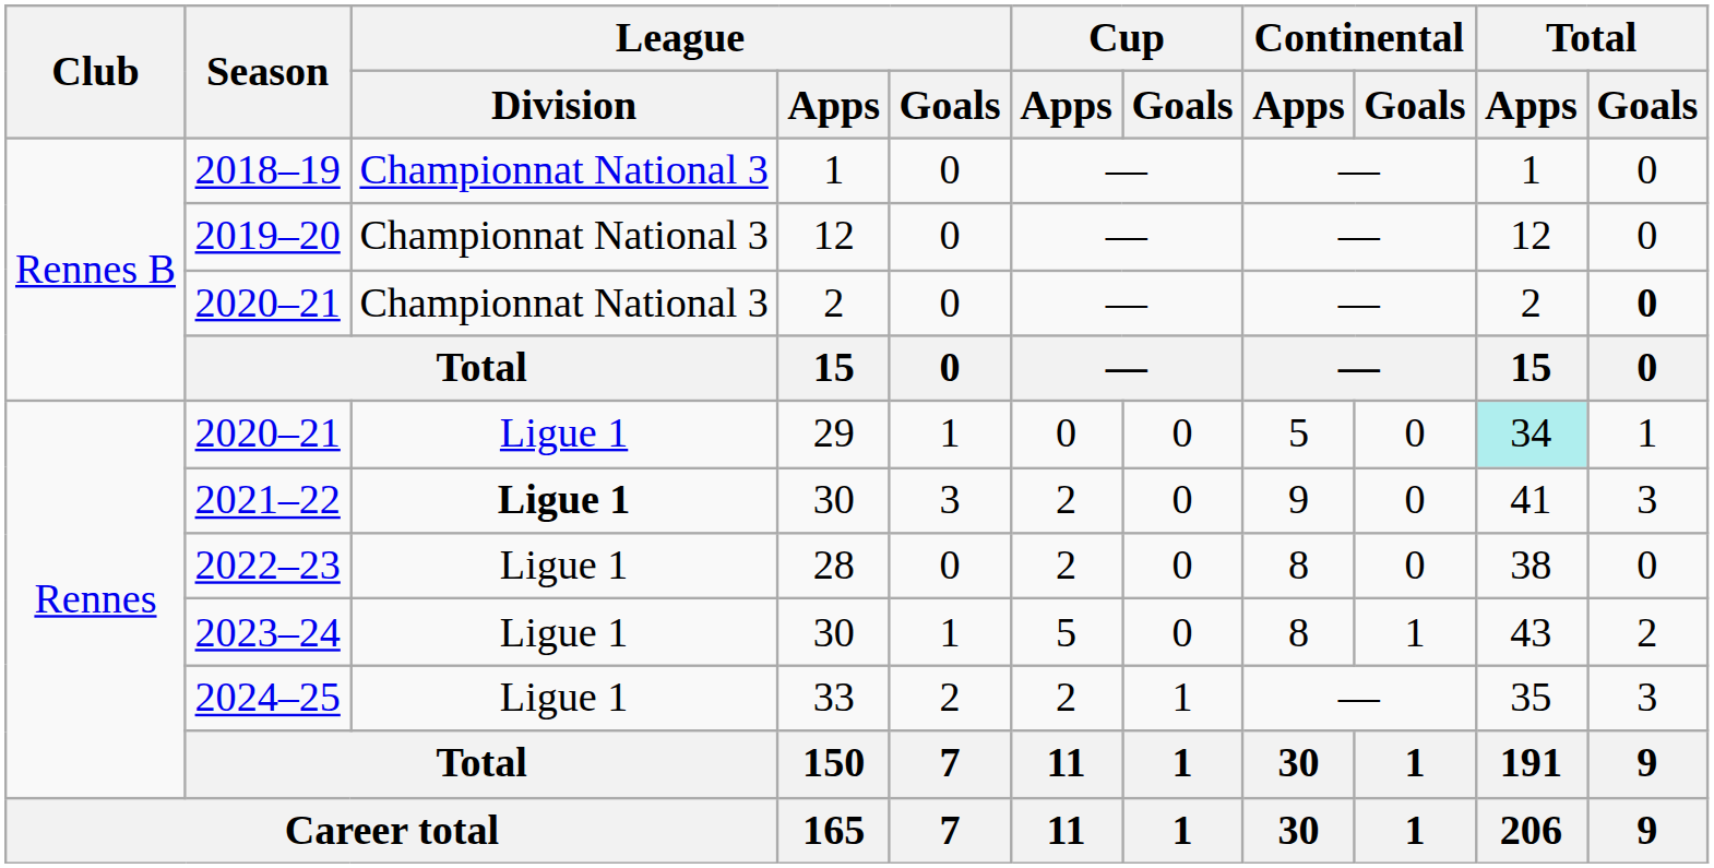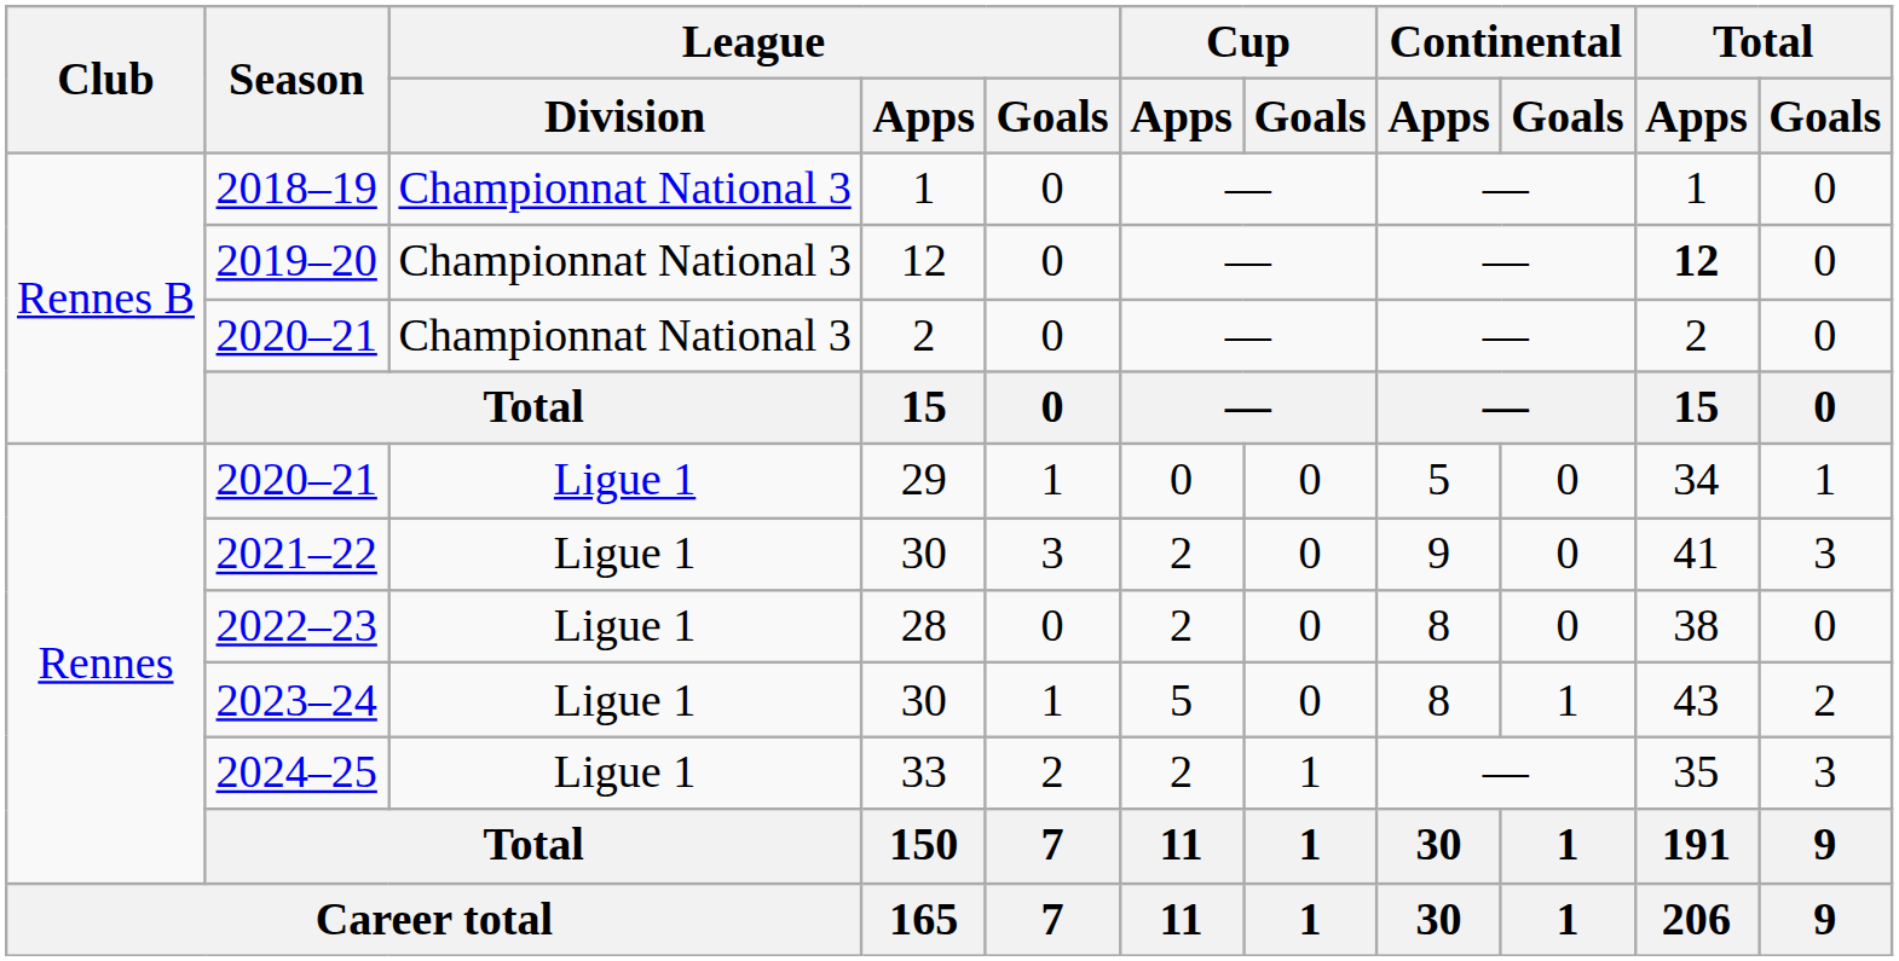 <table class="wikitable" style="text-align: center;">
 <tr>
 <th rowspan=2>Club</th>
 <th rowspan=2>Season</th>
 <th colspan=3>League</th>
 <th colspan=2>Cup</th>
 <th colspan=2>Continental</th>
 <th colspan=2>Total</th>
 </tr>
 <tr>
 <th>Division</th>
 <th>Apps</th>
 <th>Goals</th>
 <th>Apps</th>
 <th>Goals</th>
 <th>Apps</th>
 <th>Goals</th>
 <th>Apps</th>
 <th>Goals</th>
 </tr>
 <tr>
 <td rowspan="4"><a href='#'>Rennes B</a></td>
 <td><a href='#'>2018–19</a></td>
 <td><a href='#'>Championnat National 3</a></td>
 <td>1</td>
 <td>0</td>
 <td colspan="2">—</td>
 <td colspan="2">—</td>
 <td>1</td>
 <td>0</td>
 </tr>
 <tr>
 <td><a href='#'>2019–20</a></td>
 <td>Championnat National 3</td>
 <td>12</td>
 <td>0</td>
 <td colspan="2">—</td>
 <td colspan="2">—</td>
-<td>12</td>
+<td><strong>12</strong></td>
 <td>0</td>
 </tr>
 <tr>
 <td><a href='#'>2020–21</a></td>
 <td>Championnat National 3</td>
 <td>2</td>
 <td>0</td>
 <td colspan="2">—</td>
 <td colspan="2">—</td>
 <td>2</td>
-<td><strong>0</strong></td>
+<td>0</td>
 </tr>
 <tr>
 <th colspan="2">Total</th>
 <th>15</th>
 <th>0</th>
 <th colspan="2">—</th>
 <th colspan="2">—</th>
 <th>15</th>
 <th>0</th>
 </tr>
 <tr>
 <td rowspan="6"><a href='#'>Rennes</a></td>
 <td><a href='#'>2020–21</a></td>
 <td><a href='#'>Ligue 1</a></td>
 <td>29</td>
 <td>1</td>
 <td>0</td>
 <td>0</td>
 <td>5</td>
 <td>0</td>
-<td style="background: paleturquoise;">34</td>
+<td>34</td>
 <td>1</td>
 </tr>
 <tr>
 <td><a href='#'>2021–22</a></td>
-<td><strong>Ligue 1</strong></td>
+<td>Ligue 1</td>
 <td>30</td>
 <td>3</td>
 <td>2</td>
 <td>0</td>
 <td>9</td>
 <td>0</td>
 <td>41</td>
 <td>3</td>
 </tr>
 <tr>
 <td><a href='#'>2022–23</a></td>
 <td>Ligue 1</td>
 <td>28</td>
 <td>0</td>
 <td>2</td>
 <td>0</td>
 <td>8</td>
 <td>0</td>
 <td>38</td>
 <td>0</td>
 </tr>
 <tr>
 <td><a href='#'>2023–24</a></td>
 <td>Ligue 1</td>
 <td>30</td>
 <td>1</td>
 <td>5</td>
 <td>0</td>
 <td>8</td>
 <td>1</td>
 <td>43</td>
 <td>2</td>
 </tr>
 <tr>
 <td><a href='#'>2024–25</a></td>
 <td>Ligue 1</td>
 <td>33</td>
 <td>2</td>
 <td>2</td>
 <td>1</td>
 <td colspan="2">—</td>
 <td>35</td>
 <td>3</td>
 </tr>
 <tr>
 <th colspan="2">Total</th>
 <th>150</th>
 <th>7</th>
 <th>11</th>
 <th>1</th>
 <th>30</th>
 <th>1</th>
 <th>191</th>
 <th>9</th>
 </tr>
 <tr>
 <th colspan="3">Career total</th>
 <th>165</th>
 <th>7</th>
 <th>11</th>
 <th>1</th>
 <th>30</th>
 <th>1</th>
 <th>206</th>
 <th>9</th>
 </tr>
 </table>
